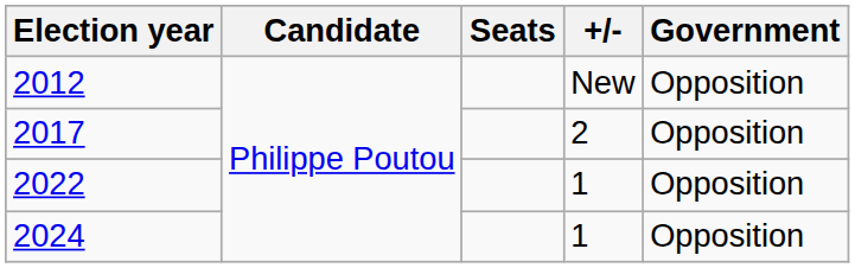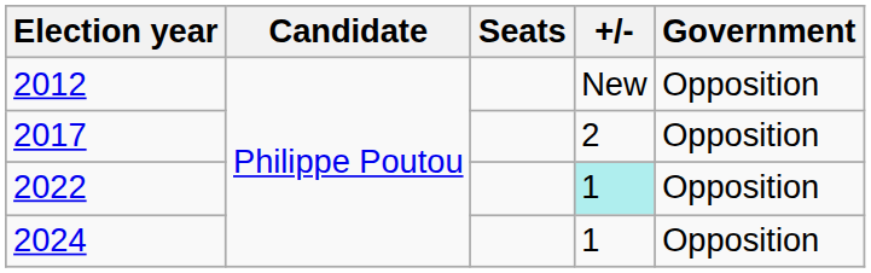 <table class="wikitable">
 <tr>
 <th>Election year</th>
 <th>Candidate</th>
 <th>Seats</th>
 <th>+/-</th>
 <th><strong>Government</strong></th>
 </tr>
 <tr>
 <td><a href='#'>2012</a></td>
 <td rowspan="4"><a href='#'>Philippe Poutou</a></td>
 <td></td>
 <td>New</td>
 <td>Opposition</td>
 </tr>
 <tr>
 <td><a href='#'>2017</a></td>
 <td></td>
 <td> 2</td>
 <td>Opposition</td>
 </tr>
 <tr>
 <td><a href='#'>2022</a></td>
 <td></td>
-<td> 1</td>
+<td style="background: paleturquoise;"> 1</td>
 <td>Opposition</td>
 </tr>
 <tr>
 <td><a href='#'>2024</a></td>
 <td></td>
 <td>1</td>
 <td>Opposition</td>
 </tr>
 </table>
